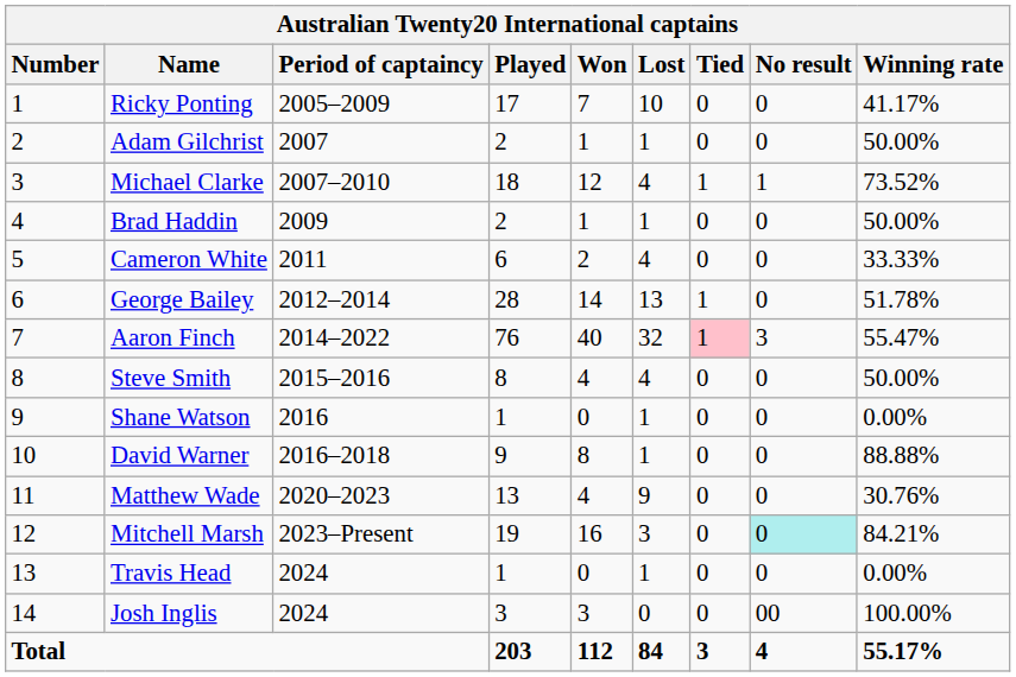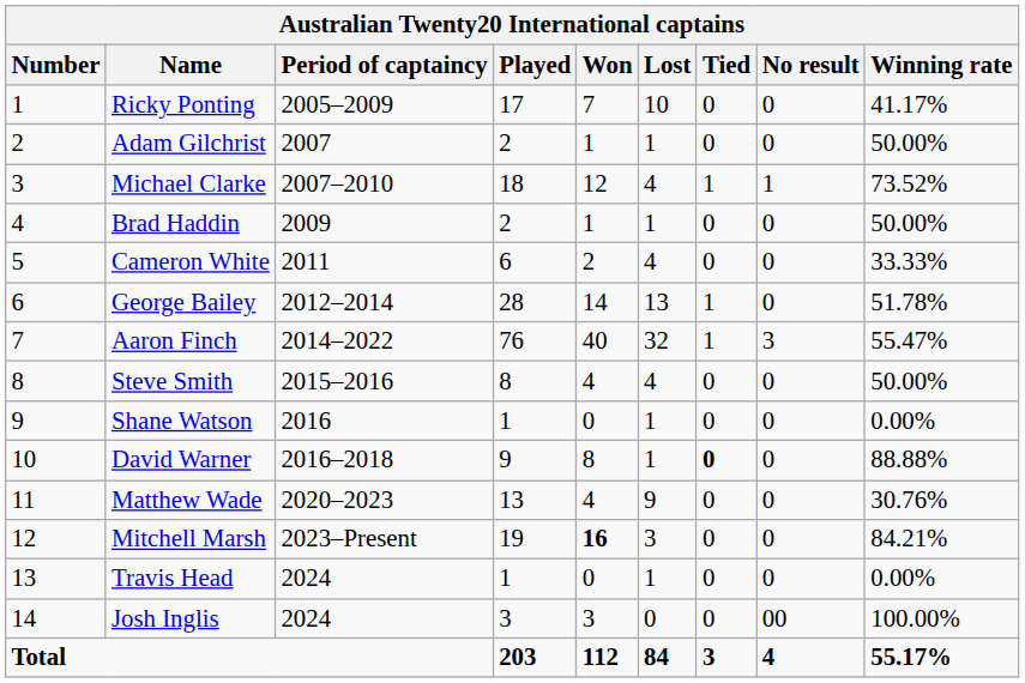 <table class="wikitable sortable">
 <tr style="background:#efefef;">
 <th colspan="9">Australian Twenty20 International captains</th>
 </tr>
 <tr style="background:#efefef;">
 <th>Number</th>
 <th>Name</th>
 <th>Period of captaincy</th>
 <th>Played</th>
 <th>Won</th>
 <th>Lost</th>
 <th>Tied</th>
 <th>No result</th>
 <th>Winning rate</th>
 </tr>
 <tr>
 <td>1</td>
 <td><a href='#'>Ricky Ponting</a></td>
 <td>2005–2009</td>
 <td>17</td>
 <td>7</td>
 <td>10</td>
 <td>0</td>
 <td>0</td>
 <td>41.17%</td>
 </tr>
 <tr>
 <td>2</td>
 <td><a href='#'>Adam Gilchrist</a></td>
 <td>2007</td>
 <td>2</td>
 <td>1</td>
 <td>1</td>
 <td>0</td>
 <td>0</td>
 <td>50.00%</td>
 </tr>
 <tr>
 <td>3</td>
 <td><a href='#'>Michael Clarke</a></td>
 <td>2007–2010</td>
 <td>18</td>
 <td>12</td>
 <td>4</td>
 <td>1</td>
 <td>1</td>
 <td>73.52%</td>
 </tr>
 <tr>
 <td>4</td>
 <td><a href='#'>Brad Haddin</a></td>
 <td>2009</td>
 <td>2</td>
 <td>1</td>
 <td>1</td>
 <td>0</td>
 <td>0</td>
 <td>50.00%</td>
 </tr>
 <tr>
 <td>5</td>
 <td><a href='#'>Cameron White</a></td>
 <td>2011</td>
 <td>6</td>
 <td>2</td>
 <td>4</td>
 <td>0</td>
 <td>0</td>
 <td>33.33%</td>
 </tr>
 <tr>
 <td>6</td>
 <td><a href='#'>George Bailey</a></td>
 <td>2012–2014</td>
 <td>28</td>
 <td>14</td>
 <td>13</td>
 <td>1</td>
 <td>0</td>
 <td>51.78%</td>
 </tr>
 <tr>
 <td>7</td>
 <td><a href='#'>Aaron Finch</a></td>
 <td>2014–2022</td>
 <td>76</td>
 <td>40</td>
 <td>32</td>
-<td style="background: pink;">1</td>
+<td>1</td>
 <td>3</td>
 <td>55.47%</td>
 </tr>
 <tr>
 <td>8</td>
 <td><a href='#'>Steve Smith</a></td>
 <td>2015–2016</td>
 <td>8</td>
 <td>4</td>
 <td>4</td>
 <td>0</td>
 <td>0</td>
 <td>50.00%</td>
 </tr>
 <tr>
 <td>9</td>
 <td><a href='#'>Shane Watson</a></td>
 <td>2016</td>
 <td>1</td>
 <td>0</td>
 <td>1</td>
 <td>0</td>
 <td>0</td>
 <td>0.00%</td>
 </tr>
 <tr>
 <td>10</td>
 <td><a href='#'>David Warner</a></td>
 <td>2016–2018</td>
 <td>9</td>
 <td>8</td>
 <td>1</td>
-<td>0</td>
+<td><strong>0</strong></td>
 <td>0</td>
 <td>88.88%</td>
 </tr>
 <tr>
 <td>11</td>
 <td><a href='#'>Matthew Wade</a></td>
 <td>2020–2023</td>
 <td>13</td>
 <td>4</td>
 <td>9</td>
 <td>0</td>
 <td>0</td>
 <td>30.76%</td>
 </tr>
 <tr>
 <td>12</td>
 <td><a href='#'>Mitchell Marsh</a></td>
 <td>2023–Present</td>
 <td>19</td>
-<td>16</td>
+<td><strong>16</strong></td>
 <td>3</td>
 <td>0</td>
-<td style="background: paleturquoise;">0</td>
+<td>0</td>
 <td>84.21%</td>
 </tr>
 <tr>
 <td>13</td>
 <td><a href='#'>Travis Head</a></td>
 <td>2024</td>
 <td>1</td>
 <td>0</td>
 <td>1</td>
 <td>0</td>
 <td>0</td>
 <td>0.00%</td>
 </tr>
 <tr>
 <td>14</td>
 <td><a href='#'>Josh Inglis</a></td>
 <td>2024</td>
 <td>3</td>
 <td>3</td>
 <td>0</td>
 <td>0</td>
 <td>00</td>
 <td>100.00%</td>
 </tr>
 <tr>
 <td colspan="3"><strong>Total</strong></td>
 <td><strong>203</strong></td>
 <td><strong>112</strong></td>
 <td><strong>84</strong></td>
 <td><strong>3</strong></td>
 <td><strong>4</strong></td>
 <td><strong>55.17%</strong></td>
 </tr>
 </table>
